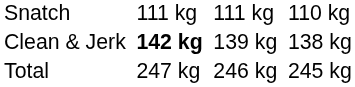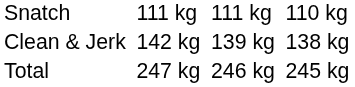 <table>
 <tr>
 <td>Snatch</td>
 <td></td>
 <td>111 kg</td>
 <td></td>
 <td>111 kg</td>
 <td></td>
 <td>110 kg</td>
 </tr>
 <tr>
 <td>Clean & Jerk</td>
 <td></td>
-<td><strong>142 kg</strong></td>
+<td>142 kg</td>
 <td></td>
 <td>139 kg</td>
 <td></td>
 <td>138 kg</td>
 </tr>
 <tr>
 <td>Total</td>
 <td></td>
 <td>247 kg</td>
 <td></td>
 <td>246 kg</td>
 <td></td>
 <td>245 kg</td>
 </tr>
 </table>
